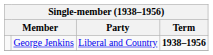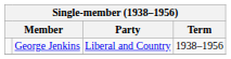 <table class="wikitable">
 <tr>
 <th colspan=4>Single-member (1938–1956)</th>
 </tr>
 <tr>
 <th colspan=2>Member</th>
 <th>Party</th>
 <th>Term</th>
 </tr>
 <tr>
 <td> </td>
 <td><a href='#'>George Jenkins</a></td>
 <td><a href='#'>Liberal and Country</a></td>
-<td><strong>1938–1956</strong></td>
+<td>1938–1956</td>
 </tr>
 <tr>
 </tr>
 </table>
